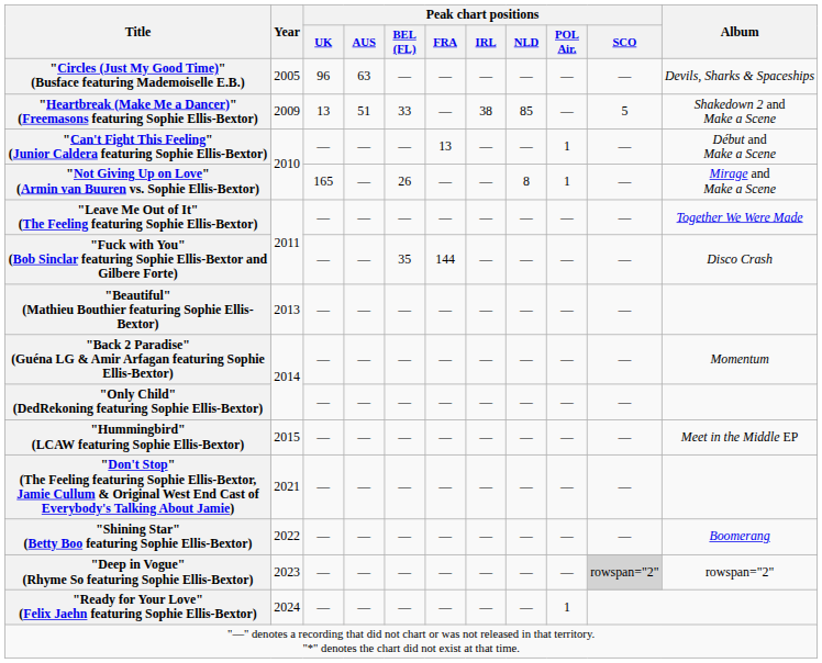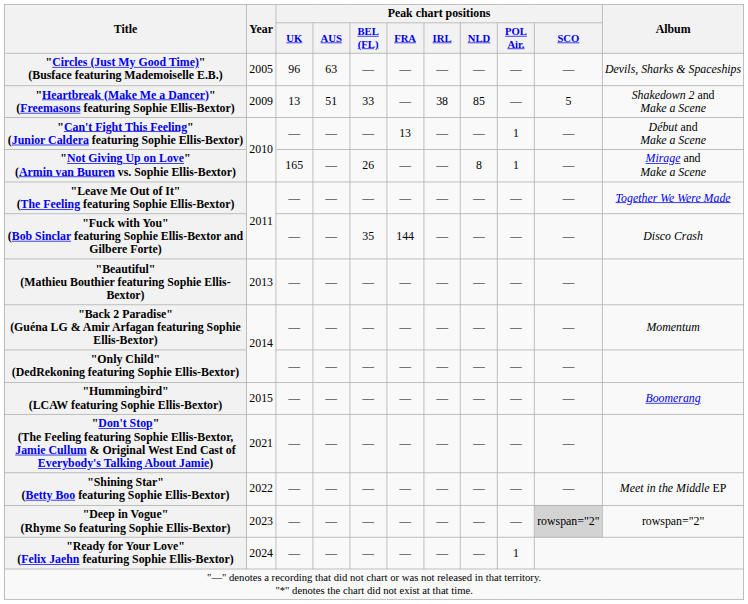 <table class="wikitable plainrowheaders" style="text-align:center;">
 <tr>
 <th scope="col" rowspan="2" style="width:20em;">Title</th>
 <th scope="col" rowspan="2">Year</th>
 <th scope="col" colspan="8">Peak chart positions</th>
 <th scope="col" rowspan="2">Album</th>
 </tr>
 <tr>
 <th scope="col" style="width:3em;font-size:90%;"><a href='#'>UK</a><br></th>
 <th scope="col" style="width:3em;font-size:90%;"><a href='#'>AUS</a><br></th>
 <th scope="col" style="width:3em;font-size:90%;"><a href='#'>BEL (FL)</a><br></th>
 <th scope="col" style="width:3em;font-size:90%;"><a href='#'>FRA</a><br></th>
 <th scope="col" style="width:3em;font-size:90%;"><a href='#'>IRL</a><br></th>
 <th scope="col" style="width:3em;font-size:90%;"><a href='#'>NLD</a><br></th>
 <th scope="col" style="width:3em;font-size:90%;"><a href='#'>POL<br>Air.</a><br></th>
 <th scope="col" style="width:3em;font-size:90%;"><a href='#'>SCO</a><br></th>
 </tr>
 <tr>
 <th scope="row">"<a href='#'>Circles (Just My Good Time)</a>"<br><span>(Busface featuring Mademoiselle E.B.)</span></th>
 <td>2005</td>
 <td>96</td>
 <td>63</td>
 <td>—</td>
 <td>—</td>
 <td>—</td>
 <td>—</td>
 <td>—</td>
 <td>—</td>
 <td><em>Devils, Sharks & Spaceships</em></td>
 </tr>
 <tr>
 <th scope="row">"<a href='#'>Heartbreak (Make Me a Dancer)</a>"<br><span>(<a href='#'>Freemasons</a> featuring Sophie Ellis-Bextor)</span></th>
 <td>2009</td>
 <td>13</td>
 <td>51</td>
 <td>33</td>
 <td>—</td>
 <td>38</td>
 <td>85</td>
 <td>—</td>
 <td>5</td>
 <td><em>Shakedown 2</em> and<br><em>Make a Scene</em></td>
 </tr>
 <tr>
 <th scope="row">"<a href='#'>Can't Fight This Feeling</a>"<br><span>(<a href='#'>Junior Caldera</a> featuring Sophie Ellis-Bextor)</span></th>
 <td rowspan="2">2010</td>
 <td>—</td>
 <td>—</td>
 <td>—</td>
 <td>13</td>
 <td>—</td>
 <td>—</td>
 <td>1</td>
 <td>—</td>
 <td><em>Début</em> and<br><em>Make a Scene</em></td>
 </tr>
 <tr>
 <th scope="row">"<a href='#'>Not Giving Up on Love</a>"<br><span>(<a href='#'>Armin van Buuren</a> vs. Sophie Ellis-Bextor)</span></th>
 <td>165</td>
 <td>—</td>
 <td>26</td>
 <td>—</td>
 <td>—</td>
 <td>8</td>
 <td>1</td>
 <td>—</td>
 <td><em><a href='#'>Mirage</a></em> and<br><em>Make a Scene</em></td>
 </tr>
 <tr>
 <th scope="row">"Leave Me Out of It"<br><span>(<a href='#'>The Feeling</a> featuring Sophie Ellis-Bextor)</span></th>
 <td rowspan="2">2011</td>
 <td>—</td>
 <td>—</td>
 <td>—</td>
 <td>—</td>
 <td>—</td>
 <td>—</td>
 <td>—</td>
 <td>—</td>
 <td><em><a href='#'>Together We Were Made</a></em></td>
 </tr>
 <tr>
 <th scope="row">"Fuck with You"<br><span>(<a href='#'>Bob Sinclar</a> featuring Sophie Ellis-Bextor and Gilbere Forte)</span></th>
 <td>—</td>
 <td>—</td>
 <td>35</td>
 <td>144</td>
 <td>—</td>
 <td>—</td>
 <td>—</td>
 <td>—</td>
 <td><em>Disco Crash</em></td>
 </tr>
 <tr>
 <th scope="row">"Beautiful"<br><span>(Mathieu Bouthier featuring Sophie Ellis-Bextor)</span></th>
 <td>2013</td>
 <td>—</td>
 <td>—</td>
 <td>—</td>
 <td>—</td>
 <td>—</td>
 <td>—</td>
 <td>—</td>
 <td>—</td>
 <td></td>
 </tr>
 <tr>
 <th scope="row">"Back 2 Paradise"<br><span>(Guéna LG & Amir Arfagan featuring Sophie Ellis-Bextor)</span></th>
 <td rowspan="2">2014</td>
 <td>—</td>
 <td>—</td>
 <td>—</td>
 <td>—</td>
 <td>—</td>
 <td>—</td>
 <td>—</td>
 <td>—</td>
 <td><em>Momentum</em></td>
 </tr>
 <tr>
 <th scope="row">"Only Child"<br><span>(DedRekoning featuring Sophie Ellis-Bextor)</span></th>
 <td>—</td>
 <td>—</td>
 <td>—</td>
 <td>—</td>
 <td>—</td>
 <td>—</td>
 <td>—</td>
 <td>—</td>
 <td></td>
 </tr>
 <tr>
 <th scope="row">"Hummingbird"<br><span>(LCAW featuring Sophie Ellis-Bextor)</span></th>
 <td>2015</td>
 <td>—</td>
 <td>—</td>
 <td>—</td>
 <td>—</td>
 <td>—</td>
 <td>—</td>
 <td>—</td>
 <td>—</td>
-<td><em>Meet in the Middle</em> EP</td>
+<td><em><a href='#'>Boomerang</a></em></td>
 </tr>
 <tr>
 <th scope="row">"<a href='#'>Don't Stop</a>"<br><span>(The Feeling featuring Sophie Ellis-Bextor, <a href='#'>Jamie Cullum</a> & Original West End Cast of <a href='#'>Everybody's Talking About Jamie</a>)</span></th>
 <td>2021</td>
 <td>—</td>
 <td>—</td>
 <td>—</td>
 <td>—</td>
 <td>—</td>
 <td>—</td>
 <td>—</td>
 <td>—</td>
 <td></td>
 </tr>
 <tr>
 <th scope="row">"Shining Star"<br><span>(<a href='#'>Betty Boo</a> featuring Sophie Ellis-Bextor)</span></th>
 <td>2022</td>
 <td>—</td>
 <td>—</td>
 <td>—</td>
 <td>—</td>
 <td>—</td>
 <td>—</td>
 <td>—</td>
 <td>—</td>
-<td><em><a href='#'>Boomerang</a></em></td>
+<td><em>Meet in the Middle</em> EP</td>
 </tr>
 <tr>
 <th scope="row">"Deep in Vogue"<br><span>(Rhyme So featuring Sophie Ellis-Bextor)</span></th>
 <td>2023</td>
 <td>—</td>
 <td>—</td>
 <td>—</td>
 <td>—</td>
 <td>—</td>
 <td>—</td>
 <td>—</td>
 <td style="background: lightgrey;">rowspan="2" </td>
 <td>rowspan="2" </td>
 </tr>
 <tr>
 <th scope="row">"Ready for Your Love"<br><span>(<a href='#'>Felix Jaehn</a> featuring Sophie Ellis-Bextor)</span></th>
 <td>2024</td>
 <td>—</td>
 <td>—</td>
 <td>—</td>
 <td>—</td>
 <td>—</td>
 <td>—</td>
 <td>1</td>
 </tr>
 <tr>
 <td colspan="11" style="font-size:90%">"—" denotes a recording that did not chart or was not released in that territory.<br>"*" denotes the chart did not exist at that time.</td>
 </tr>
 </table>
